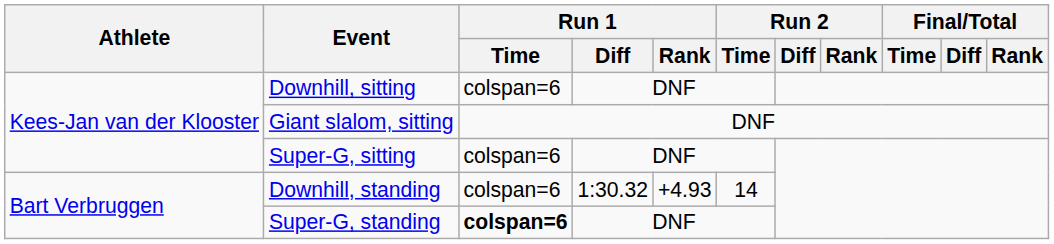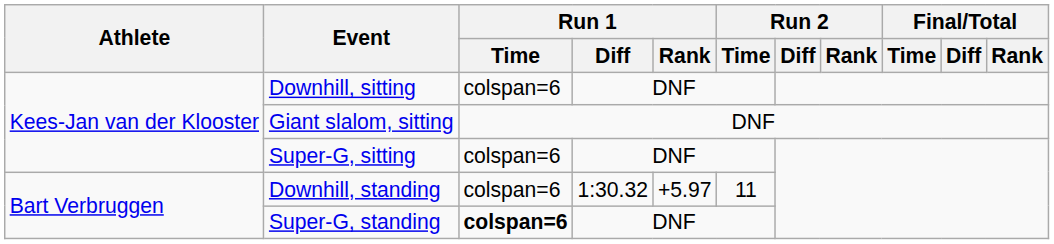 <table class="wikitable" style="font-size:90%">
 <tr>
 <th rowspan="2">Athlete</th>
 <th rowspan="2">Event</th>
 <th colspan="3">Run 1</th>
 <th colspan="3">Run 2</th>
 <th colspan="3">Final/Total</th>
 </tr>
 <tr>
 <th>Time</th>
 <th>Diff</th>
 <th>Rank</th>
 <th>Time</th>
 <th>Diff</th>
 <th>Rank</th>
 <th>Time</th>
 <th>Diff</th>
 <th>Rank</th>
 </tr>
 <tr>
 <td rowspan=3><a href='#'>Kees-Jan van der Klooster</a></td>
 <td><a href='#'>Downhill, sitting</a></td>
 <td>colspan=6 </td>
 <td colspan="3" align="center">DNF</td>
 </tr>
 <tr>
 <td><a href='#'>Giant slalom, sitting</a></td>
 <td colspan="9" align="center">DNF</td>
 </tr>
 <tr>
 <td><a href='#'>Super-G, sitting</a></td>
 <td>colspan=6 </td>
 <td colspan="3" align="center">DNF</td>
 </tr>
 <tr>
 <td rowspan=2><a href='#'>Bart Verbruggen</a></td>
 <td><a href='#'>Downhill, standing</a></td>
 <td>colspan=6 </td>
 <td align="center">1:30.32</td>
-<td align="center">+4.93</td>
-<td align="center">14</td>
+<td align="center">+5.97</td>
+<td align="center">11</td>
 </tr>
 <tr>
 <td><a href='#'>Super-G, standing</a></td>
 <td><strong>colspan=6 </strong></td>
 <td colspan="3" align="center">DNF</td>
 </tr>
 </table>
